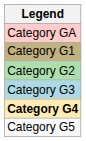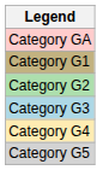 <table class="sortable wikitable" style="font-size:90%">
 <tr>
 <th>Legend</th>
 </tr>
 <tr bgcolor="#ffcccc">
 <td>Category GA</td>
 </tr>
 <tr bgcolor="#C2B280">
 <td>Category G1</td>
 </tr>
 <tr bgcolor="#ADDFAD">
 <td>Category G2</td>
 </tr>
 <tr bgcolor=lightblue>
 <td>Category G3</td>
 </tr>
 <tr bgcolor=ffecb2>
-<td><strong>Category G4</strong></td>
+<td>Category G4</td>
 </tr>
 <tr>
-<td>Category G5</td>
+<td style="background: lightgrey;">Category G5</td>
 </tr>
 </table>
